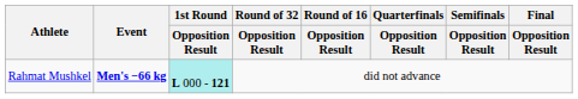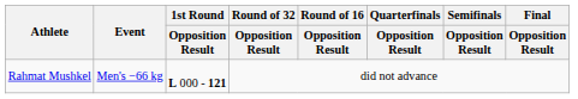 <table class="wikitable" style="font-size:90%">
 <tr>
 <th rowspan="2">Athlete</th>
 <th rowspan="2">Event</th>
 <th>1st Round</th>
 <th>Round of 32</th>
 <th>Round of 16</th>
 <th>Quarterfinals</th>
 <th>Semifinals</th>
 <th>Final</th>
 </tr>
 <tr>
 <th>Opposition<br>Result</th>
 <th>Opposition<br>Result</th>
 <th>Opposition<br>Result</th>
 <th>Opposition<br>Result</th>
 <th>Opposition<br>Result</th>
 <th>Opposition<br>Result</th>
 </tr>
 <tr>
 <td><a href='#'>Rahmat Mushkel</a></td>
-<td><strong><a href='#'>Men's −66 kg</a></strong></td>
-<td align=center style="background: paleturquoise;"><br><strong>L</strong> 000 - <strong>121</strong></td>
+<td><a href='#'>Men's −66 kg</a></td>
+<td align=center><br><strong>L</strong> 000 - <strong>121</strong></td>
 <td align=center colspan="7">did not advance</td>
 </tr>
 </table>
